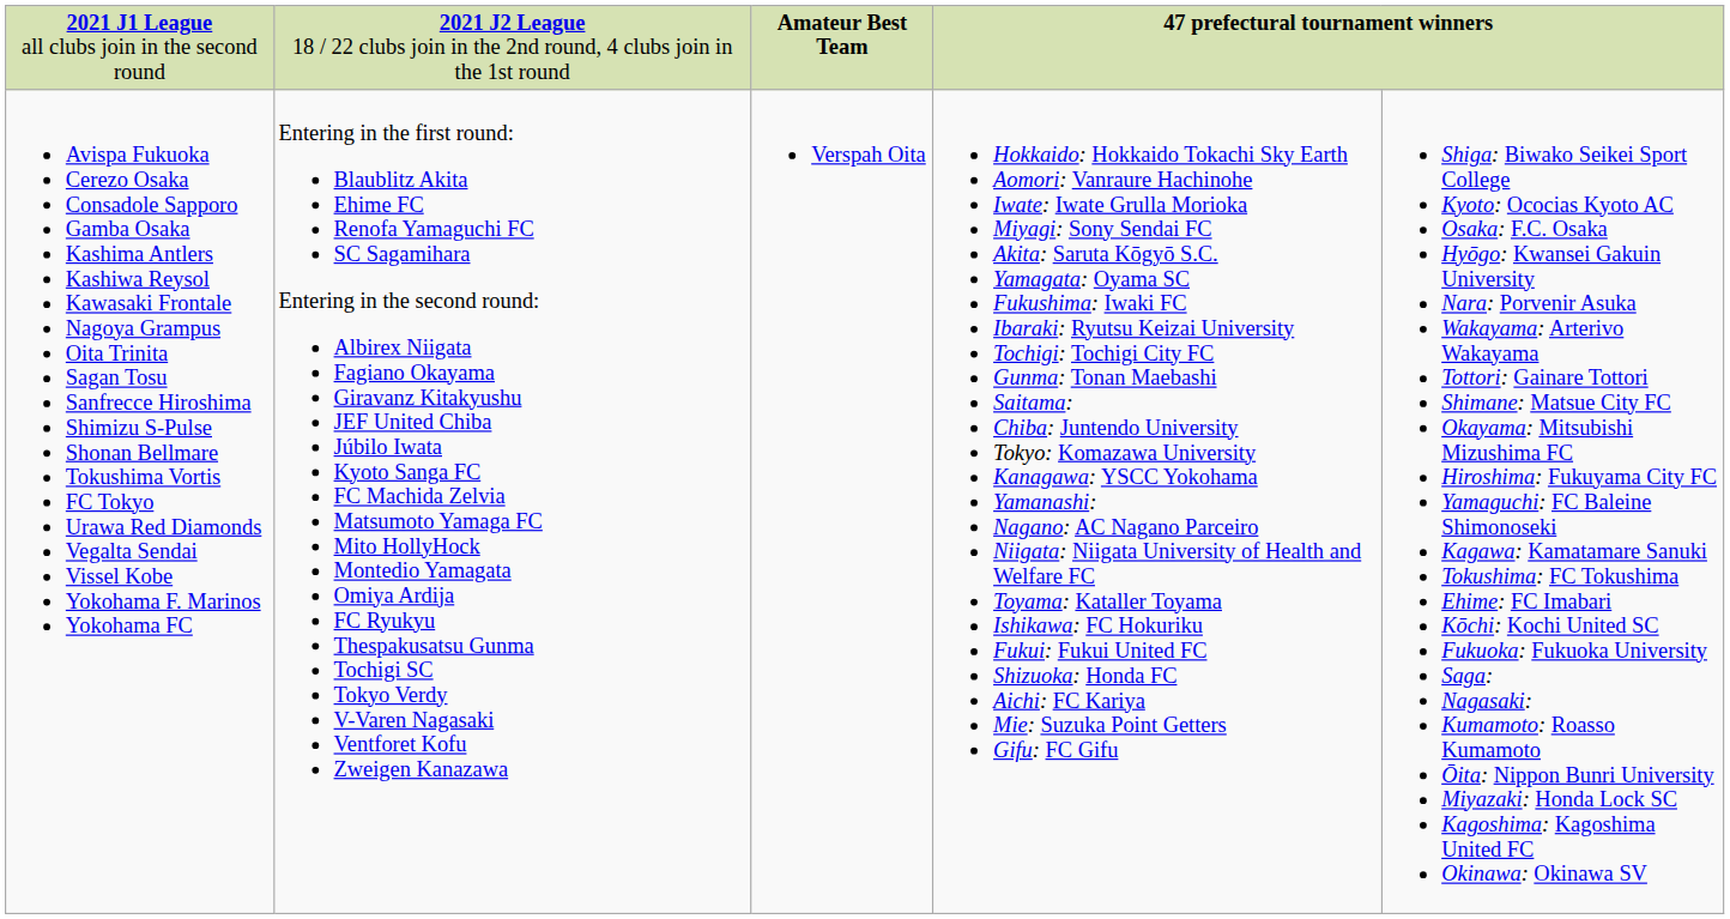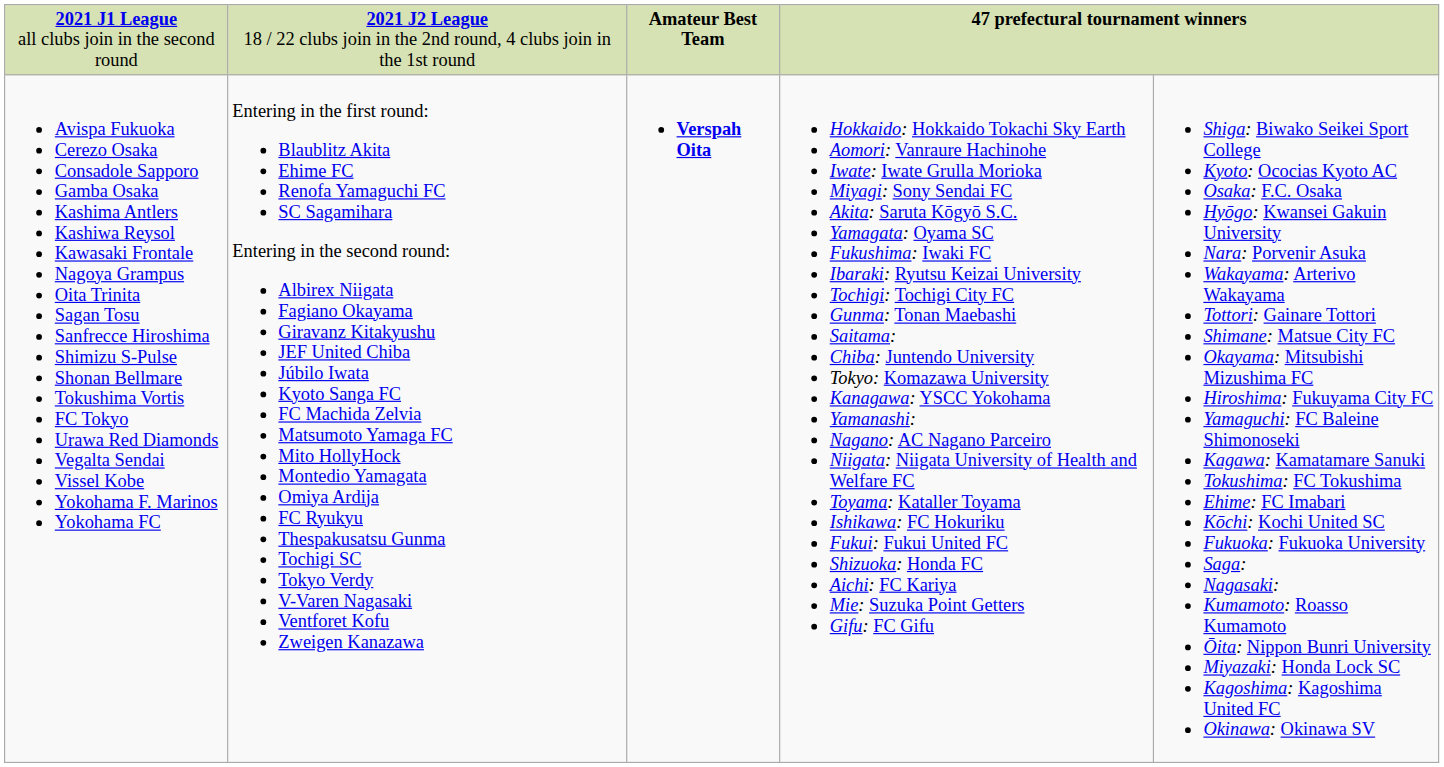 <table class="wikitable">
 <tr style="vertical-align:top; background:#d6e2b3; text-align:center;">
 <td><strong><a href='#'>2021 J1 League</a></strong><br>all clubs join in the second round</td>
 <td><strong><a href='#'>2021 J2 League</a></strong><br>18 / 22 clubs join in the 2nd round, 4 clubs join in the 1st round</td>
 <td><strong>Amateur Best Team</strong></td>
 <td colspan="2"><strong>47 prefectural tournament winners</strong><br></td>
 </tr>
 <tr valign="top">
 <td><br><ul><li><a href='#'>Avispa Fukuoka</a></li><li><a href='#'>Cerezo Osaka</a></li><li><a href='#'>Consadole Sapporo</a></li><li><a href='#'>Gamba Osaka</a></li><li><a href='#'>Kashima Antlers</a></li><li><a href='#'>Kashiwa Reysol</a></li><li><a href='#'>Kawasaki Frontale</a></li><li><a href='#'>Nagoya Grampus</a></li><li><a href='#'>Oita Trinita</a></li><li><a href='#'>Sagan Tosu</a></li><li><a href='#'>Sanfrecce Hiroshima</a></li><li><a href='#'>Shimizu S-Pulse</a></li><li><a href='#'>Shonan Bellmare</a></li><li><a href='#'>Tokushima Vortis</a></li><li><a href='#'>FC Tokyo</a></li><li><a href='#'>Urawa Red Diamonds</a></li><li><a href='#'>Vegalta Sendai</a></li><li><a href='#'>Vissel Kobe</a></li><li><a href='#'>Yokohama F. Marinos</a></li><li><a href='#'>Yokohama FC</a></li></ul></td>
 <td><br>Entering in the first round:<ul><li><a href='#'>Blaublitz Akita</a></li><li><a href='#'>Ehime FC</a></li><li><a href='#'>Renofa Yamaguchi FC</a></li><li><a href='#'>SC Sagamihara</a></li></ul>Entering in the second round:<ul><li><a href='#'>Albirex Niigata</a></li><li><a href='#'>Fagiano Okayama</a></li><li><a href='#'>Giravanz Kitakyushu</a></li><li><a href='#'>JEF United Chiba</a></li><li><a href='#'>Júbilo Iwata</a></li><li><a href='#'>Kyoto Sanga FC</a></li><li><a href='#'>FC Machida Zelvia</a></li><li><a href='#'>Matsumoto Yamaga FC</a></li><li><a href='#'>Mito HollyHock</a></li><li><a href='#'>Montedio Yamagata</a></li><li><a href='#'>Omiya Ardija</a></li><li><a href='#'>FC Ryukyu</a></li><li><a href='#'>Thespakusatsu Gunma</a></li><li><a href='#'>Tochigi SC</a></li><li><a href='#'>Tokyo Verdy</a></li><li><a href='#'>V-Varen Nagasaki</a></li><li><a href='#'>Ventforet Kofu</a></li><li><a href='#'>Zweigen Kanazawa</a></li></ul></td>
-<td><br><ul><li><a href='#'>Verspah Oita</a></li></ul></td>
+<td><strong><br><ul><li><a href='#'>Verspah Oita</a></li></ul></strong></td>
 <td><br><ul><li><em><a href='#'>Hokkaido</a>:</em> <a href='#'>Hokkaido Tokachi Sky Earth</a></li><li><em><a href='#'>Aomori</a>:</em> <a href='#'>Vanraure Hachinohe</a></li><li><em><a href='#'>Iwate</a>:</em> <a href='#'>Iwate Grulla Morioka</a></li><li><em><a href='#'>Miyagi</a>:</em> <a href='#'>Sony Sendai FC</a></li><li><em><a href='#'>Akita</a>:</em> <a href='#'>Saruta Kōgyō S.C.</a></li><li><em><a href='#'>Yamagata</a>:</em> <a href='#'>Oyama SC</a></li><li><em><a href='#'>Fukushima</a>:</em> <a href='#'>Iwaki FC</a></li><li><em><a href='#'>Ibaraki</a>:</em> <a href='#'>Ryutsu Keizai University</a></li><li><em><a href='#'>Tochigi</a>:</em> <a href='#'>Tochigi City FC</a></li><li><em><a href='#'>Gunma</a>:</em> <a href='#'>Tonan Maebashi</a></li><li><em><a href='#'>Saitama</a>:</em> </li><li><em><a href='#'>Chiba</a>:</em> <a href='#'>Juntendo University</a></li><li><em>Tokyo:</em> <a href='#'>Komazawa University</a></li><li><em><a href='#'>Kanagawa</a>:</em> <a href='#'>YSCC Yokohama</a></li><li><em><a href='#'>Yamanashi</a>:</em> </li><li><em><a href='#'>Nagano</a>:</em> <a href='#'>AC Nagano Parceiro</a></li><li><em><a href='#'>Niigata</a>:</em> <a href='#'>Niigata University of Health and Welfare FC</a></li><li><em><a href='#'>Toyama</a>:</em> <a href='#'>Kataller Toyama</a></li><li><em><a href='#'>Ishikawa</a>:</em> <a href='#'>FC Hokuriku</a></li><li><em><a href='#'>Fukui</a>:</em> <a href='#'>Fukui United FC</a></li><li><em><a href='#'>Shizuoka</a>:</em> <a href='#'>Honda FC</a></li><li><em><a href='#'>Aichi</a>:</em> <a href='#'>FC Kariya</a></li><li><em><a href='#'>Mie</a>:</em> <a href='#'>Suzuka Point Getters</a></li><li><em><a href='#'>Gifu</a>:</em> <a href='#'>FC Gifu</a></li></ul></td>
 <td><br><ul><li><em><a href='#'>Shiga</a>:</em> <a href='#'>Biwako Seikei Sport College</a></li><li><em><a href='#'>Kyoto</a>:</em> <a href='#'>Ococias Kyoto AC</a></li><li><em><a href='#'>Osaka</a>:</em> <a href='#'>F.C. Osaka</a></li><li><em><a href='#'>Hyōgo</a>:</em> <a href='#'>Kwansei Gakuin University</a></li><li><em><a href='#'>Nara</a>:</em> <a href='#'>Porvenir Asuka</a></li><li><em><a href='#'>Wakayama</a>:</em> <a href='#'>Arterivo Wakayama</a></li><li><em><a href='#'>Tottori</a>:</em> <a href='#'>Gainare Tottori</a></li><li><em><a href='#'>Shimane</a>:</em> <a href='#'>Matsue City FC</a></li><li><em><a href='#'>Okayama</a>:</em> <a href='#'>Mitsubishi Mizushima FC</a></li><li><em><a href='#'>Hiroshima</a>:</em> <a href='#'>Fukuyama City FC</a></li><li><em><a href='#'>Yamaguchi</a>:</em> <a href='#'>FC Baleine Shimonoseki</a></li><li><em><a href='#'>Kagawa</a>:</em> <a href='#'>Kamatamare Sanuki</a></li><li><em><a href='#'>Tokushima</a>:</em> <a href='#'>FC Tokushima</a></li><li><em><a href='#'>Ehime</a>:</em> <a href='#'>FC Imabari</a></li><li><em><a href='#'>Kōchi</a>:</em> <a href='#'>Kochi United SC</a></li><li><em><a href='#'>Fukuoka</a>:</em> <a href='#'>Fukuoka University</a></li><li><em><a href='#'>Saga</a>:</em> </li><li><em><a href='#'>Nagasaki</a>:</em> </li><li><em><a href='#'>Kumamoto</a>:</em> <a href='#'>Roasso Kumamoto</a></li><li><em><a href='#'>Ōita</a>:</em> <a href='#'>Nippon Bunri University</a></li><li><em><a href='#'>Miyazaki</a>:</em> <a href='#'>Honda Lock SC</a></li><li><em><a href='#'>Kagoshima</a>:</em> <a href='#'>Kagoshima United FC</a></li><li><em><a href='#'>Okinawa</a>:</em> <a href='#'>Okinawa SV</a></li></ul></td>
 </tr>
 </table>
